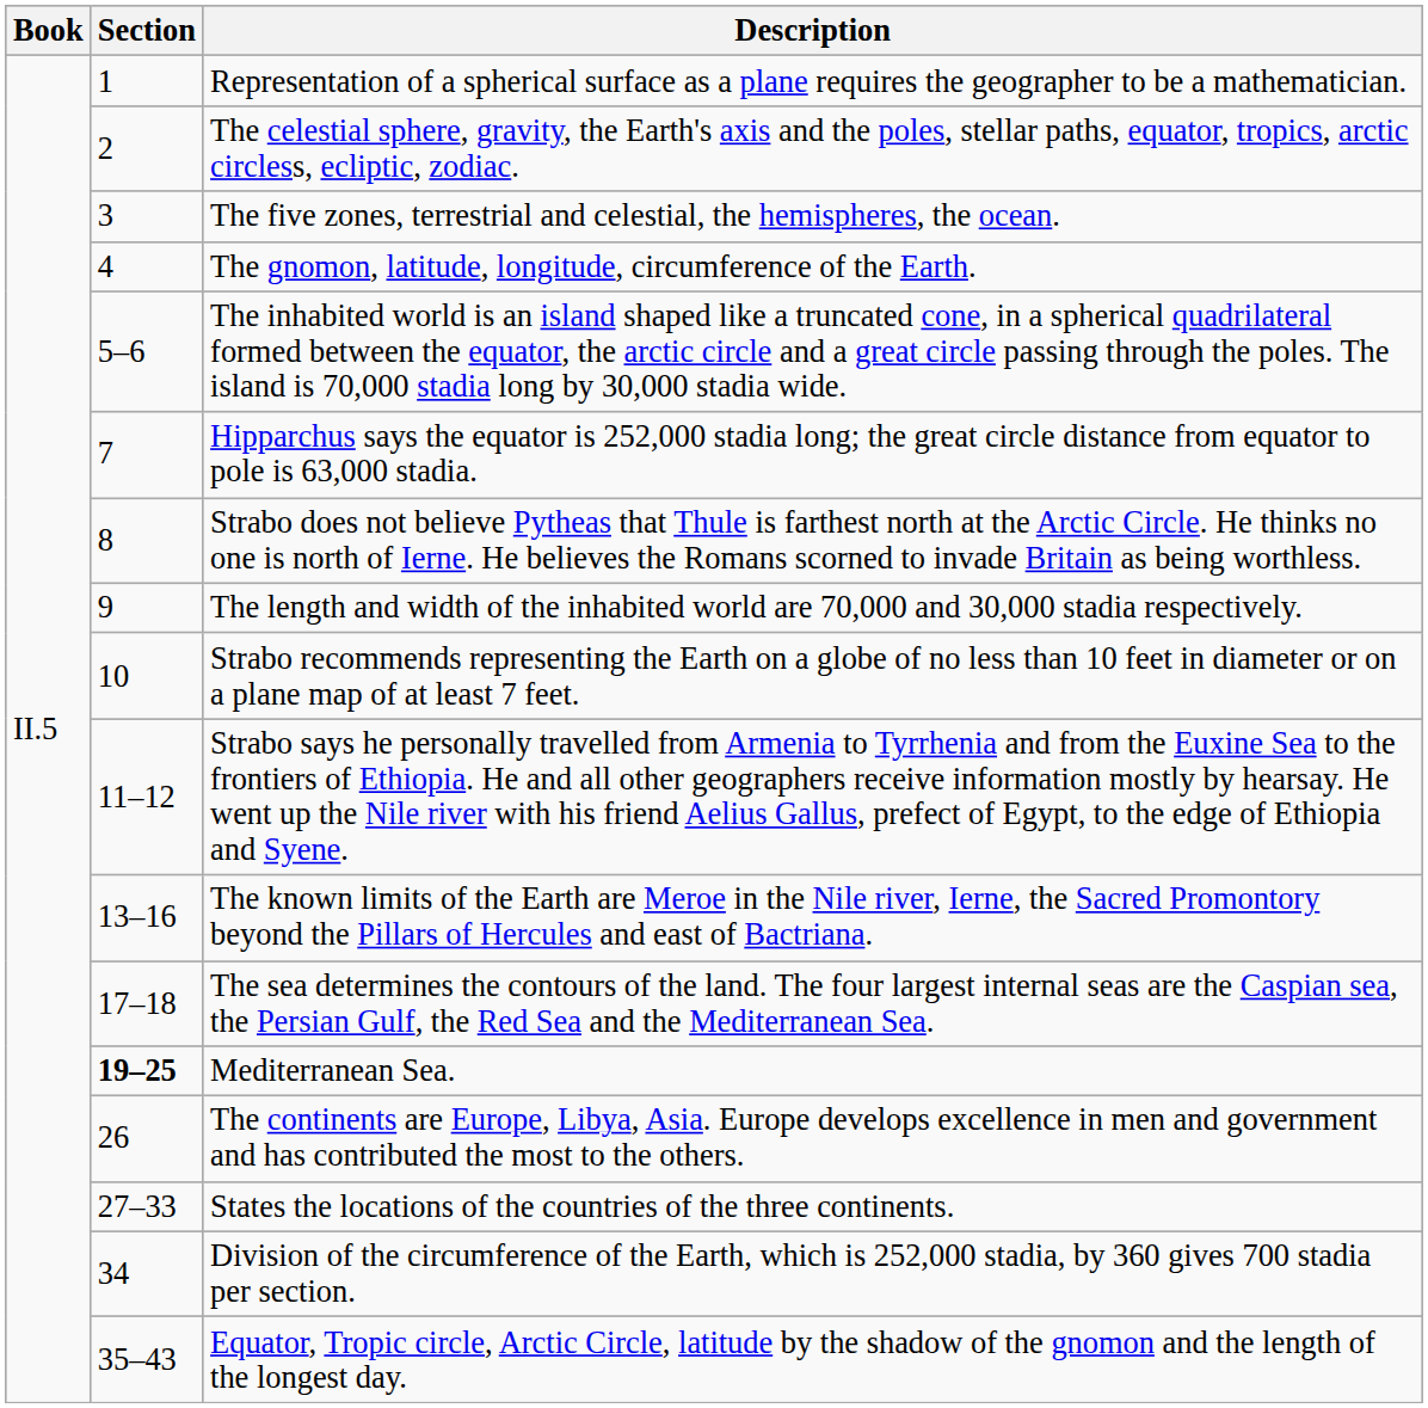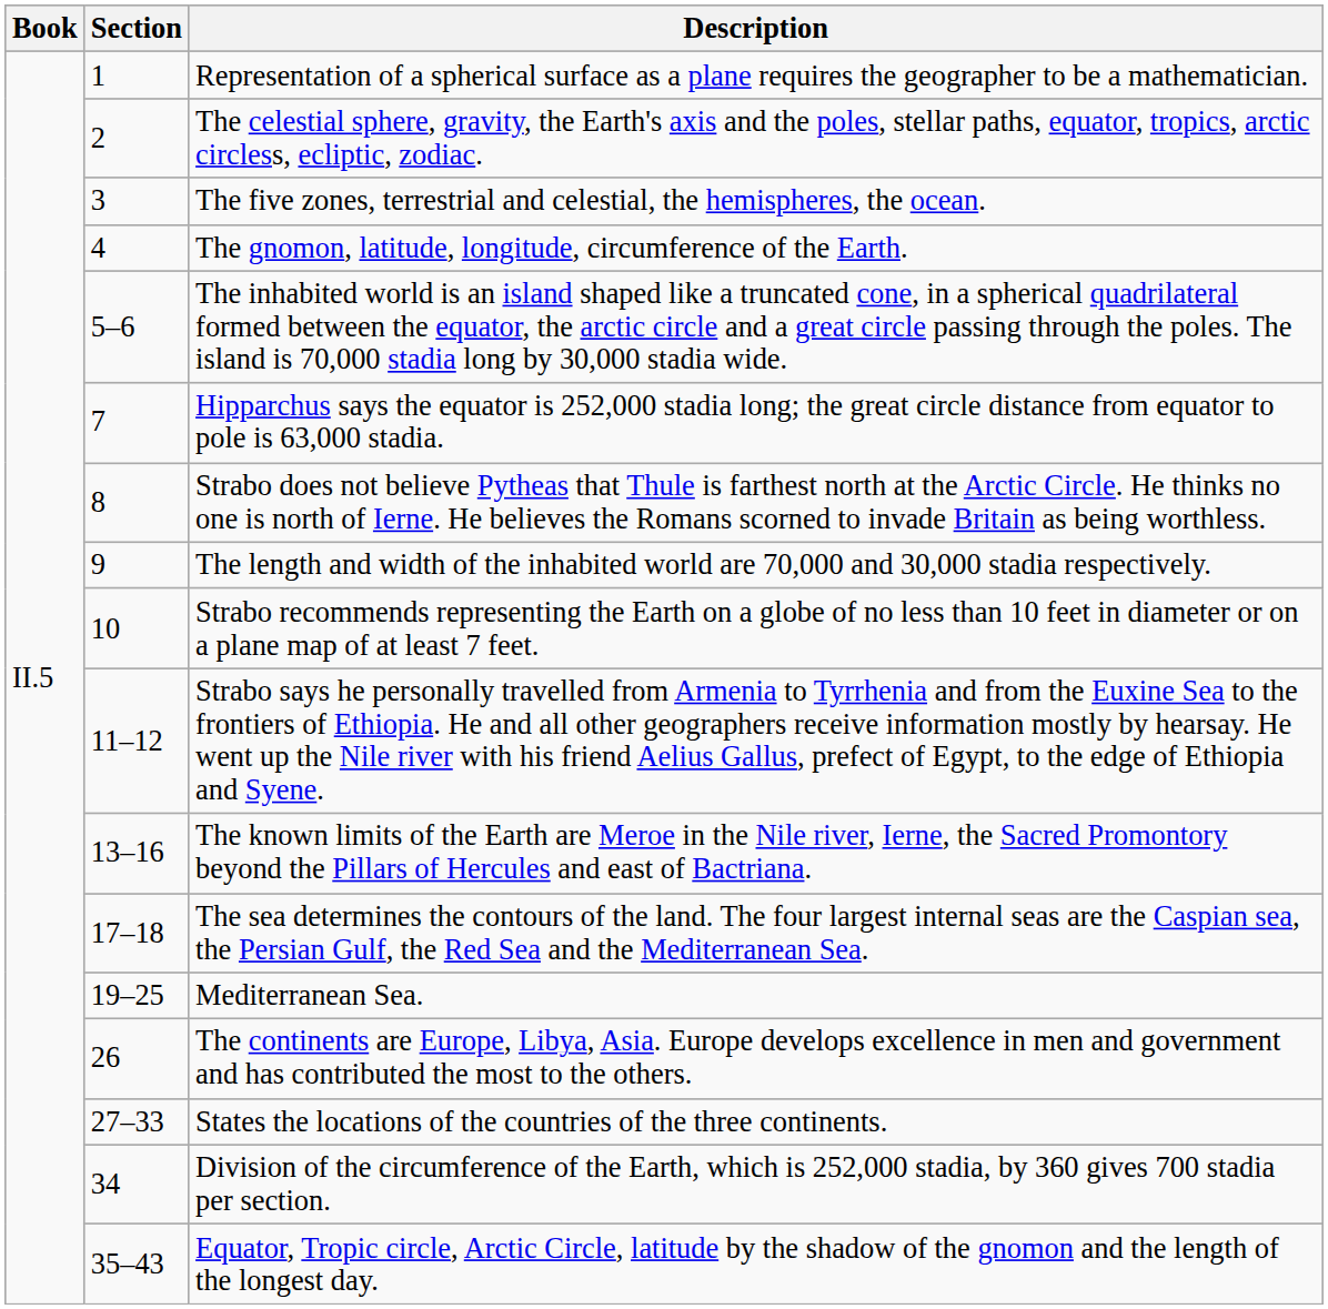 <table class="wikitable" style="max-width:45em;">
 <tr>
 <th>Book</th>
 <th>Section</th>
 <th>Description</th>
 </tr>
 <tr>
 <td rowspan="117">II.5</td>
 <td>1</td>
 <td>Representation of a spherical surface as a <a href='#'>plane</a> requires the geographer to be a mathematician.</td>
 </tr>
 <tr>
 <td>2</td>
 <td>The <a href='#'>celestial sphere</a>, <a href='#'>gravity</a>, the Earth's <a href='#'>axis</a> and the <a href='#'>poles</a>, stellar paths, <a href='#'>equator</a>, <a href='#'>tropics</a>, <a href='#'>arctic circles</a>s, <a href='#'>ecliptic</a>, <a href='#'>zodiac</a>.</td>
 </tr>
 <tr>
 <td>3</td>
 <td>The five zones, terrestrial and celestial, the <a href='#'>hemispheres</a>, the <a href='#'>ocean</a>.</td>
 </tr>
 <tr>
 <td>4</td>
 <td>The <a href='#'>gnomon</a>, <a href='#'>latitude</a>, <a href='#'>longitude</a>, circumference of the <a href='#'>Earth</a>.</td>
 </tr>
 <tr>
 <td>5–6</td>
 <td>The inhabited world is an <a href='#'>island</a> shaped like a truncated <a href='#'>cone</a>, in a spherical <a href='#'>quadrilateral</a> formed between the <a href='#'>equator</a>, the <a href='#'>arctic circle</a> and a <a href='#'>great circle</a> passing through the poles. The island is 70,000 <a href='#'>stadia</a> long by 30,000 stadia wide.</td>
 </tr>
 <tr>
 <td>7</td>
 <td><a href='#'>Hipparchus</a> says the equator is 252,000 stadia long; the great circle distance from equator to pole is 63,000 stadia.</td>
 </tr>
 <tr>
 <td>8</td>
 <td>Strabo does not believe <a href='#'>Pytheas</a> that <a href='#'>Thule</a> is farthest north at the <a href='#'>Arctic Circle</a>. He thinks no one is north of <a href='#'>Ierne</a>. He believes the Romans scorned to invade <a href='#'>Britain</a> as being worthless.</td>
 </tr>
 <tr>
 <td>9</td>
 <td>The length and width of the inhabited world are 70,000 and 30,000 stadia respectively.</td>
 </tr>
 <tr>
 <td>10</td>
 <td>Strabo recommends representing the Earth on a globe of no less than 10 feet in diameter or on a plane map of at least 7 feet.</td>
 </tr>
 <tr>
 <td>11–12</td>
 <td>Strabo says he personally travelled from <a href='#'>Armenia</a> to <a href='#'>Tyrrhenia</a> and from the <a href='#'>Euxine Sea</a> to the frontiers of <a href='#'>Ethiopia</a>. He and all other geographers receive information mostly by hearsay. He went up the <a href='#'>Nile river</a> with his friend <a href='#'>Aelius Gallus</a>, prefect of Egypt, to the edge of Ethiopia and <a href='#'>Syene</a>.</td>
 </tr>
 <tr>
 <td>13–16</td>
 <td>The known limits of the Earth are <a href='#'>Meroe</a> in the <a href='#'>Nile river</a>, <a href='#'>Ierne</a>, the <a href='#'>Sacred Promontory</a> beyond the <a href='#'>Pillars of Hercules</a> and east of <a href='#'>Bactriana</a>.</td>
 </tr>
 <tr>
 <td>17–18</td>
 <td>The sea determines the contours of the land. The four largest internal seas are the <a href='#'>Caspian sea</a>, the <a href='#'>Persian Gulf</a>, the <a href='#'>Red Sea</a> and the <a href='#'>Mediterranean Sea</a>.</td>
 </tr>
 <tr>
-<td><strong>19–25</strong></td>
+<td>19–25</td>
 <td>Mediterranean Sea.</td>
 </tr>
 <tr>
 <td>26</td>
 <td>The <a href='#'>continents</a> are <a href='#'>Europe</a>, <a href='#'>Libya</a>, <a href='#'>Asia</a>. Europe develops excellence in men and government and has contributed the most to the others.</td>
 </tr>
 <tr>
 <td>27–33</td>
 <td>States the locations of the countries of the three continents.</td>
 </tr>
 <tr>
 <td>34</td>
 <td>Division of the circumference of the Earth, which is 252,000 stadia, by 360 gives 700 stadia per section.</td>
 </tr>
 <tr>
 <td>35–43</td>
 <td><a href='#'>Equator</a>, <a href='#'>Tropic circle</a>, <a href='#'>Arctic Circle</a>, <a href='#'>latitude</a> by the shadow of the <a href='#'>gnomon</a> and the length of the longest day.</td>
 </tr>
 </table>
